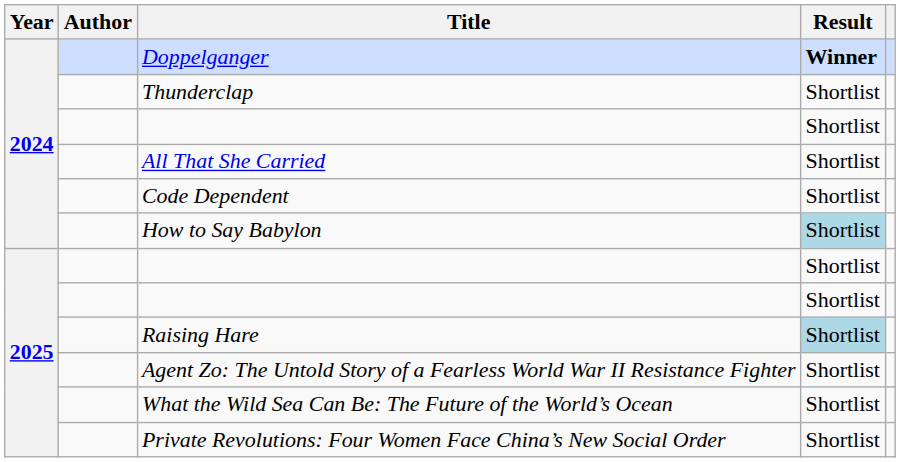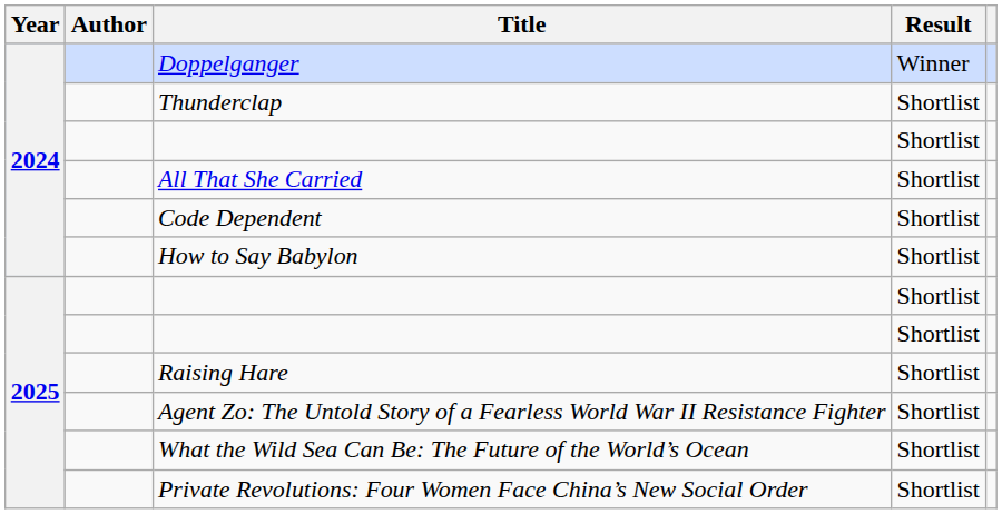 <table class="wikitable sortable">
 <tr>
 <th scope=col>Year</th>
 <th scope=col>Author</th>
 <th scope=col>Title</th>
 <th scope=col>Result</th>
 <th scope=col class="unsortable"></th>
 </tr>
 <tr style=background:#cddeff>
 <th scope=rowgroup rowspan="6"><a href='#'>2024</a></th>
 <td></td>
 <td><em><a href='#'>Doppelganger</a> </em></td>
-<td><strong>Winner</strong></td>
+<td>Winner</td>
 <td></td>
 </tr>
 <tr>
 <td></td>
 <td><em>Thunderclap  </em></td>
 <td>Shortlist</td>
 <td></td>
 </tr>
 <tr>
 <td></td>
 <td><em> </em></td>
 <td>Shortlist</td>
 <td></td>
 </tr>
 <tr>
 <td></td>
 <td><em><a href='#'>All That She Carried</a> </em></td>
 <td>Shortlist</td>
 <td></td>
 </tr>
 <tr>
 <td></td>
 <td><em>Code Dependent </em></td>
 <td>Shortlist</td>
 <td></td>
 </tr>
 <tr>
 <td></td>
 <td><em>How to Say Babylon</em></td>
-<td style="background: lightblue;">Shortlist</td>
+<td>Shortlist</td>
 <td></td>
 </tr>
 <tr>
 <th rowspan="6"><a href='#'>2025</a></th>
 <td></td>
 <td><em></em></td>
 <td>Shortlist</td>
 <td></td>
 </tr>
 <tr>
 <td></td>
 <td><em></em></td>
 <td>Shortlist</td>
 <td></td>
 </tr>
 <tr>
 <td></td>
 <td><em>Raising Hare</em></td>
-<td style="background: lightblue;">Shortlist</td>
+<td>Shortlist</td>
 <td></td>
 </tr>
 <tr>
 <td></td>
 <td><em>Agent Zo: The Untold Story of a Fearless World War II Resistance Fighter</em></td>
 <td>Shortlist</td>
 <td></td>
 </tr>
 <tr>
 <td></td>
 <td><em>What the Wild Sea Can Be: The Future of the World’s Ocean</em></td>
 <td>Shortlist</td>
 <td></td>
 </tr>
 <tr>
 <td></td>
 <td><em>Private Revolutions: Four Women Face China’s</em> <em>New Social Order</em></td>
 <td>Shortlist</td>
 <td></td>
 </tr>
 </table>
